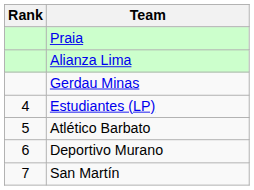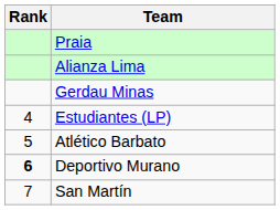 <table class="wikitable" style="text-align: center;">
 <tr>
 <th width=40>Rank</th>
 <th width=220>Team</th>
 </tr>
 <tr bgcolor=#ccffcc align=center>
 <td></td>
 <td style="text-align:left;"> <a href='#'>Praia</a></td>
 </tr>
 <tr bgcolor=#ccffcc align=center>
 <td></td>
 <td style="text-align:left;"> <a href='#'>Alianza Lima</a></td>
 </tr>
 <tr align=center>
 <td></td>
 <td style="text-align:left;"> <a href='#'>Gerdau Minas</a></td>
 </tr>
 <tr align=center>
 <td>4</td>
 <td style="text-align:left;"> <a href='#'>Estudiantes (LP)</a></td>
 </tr>
 <tr align=center>
 <td>5</td>
 <td style="text-align:left;"> Atlético Barbato</td>
 </tr>
 <tr align=center>
-<td>6</td>
+<td><strong>6</strong></td>
 <td style="text-align:left;"> Deportivo Murano</td>
 </tr>
 <tr align=center>
 <td>7</td>
 <td style="text-align:left;"> San Martín</td>
 </tr>
 </table>
